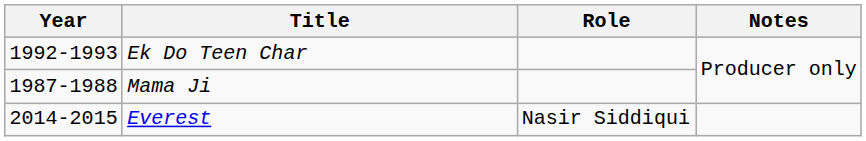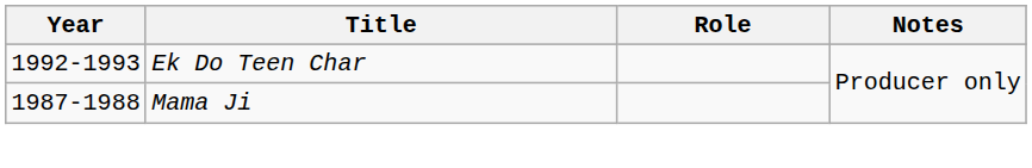 <table class="wikitable sortable">
 <tr>
 <th>Year</th>
 <th width=250>Title</th>
 <th width=110>Role</th>
 <th class="unsortable">Notes</th>
 </tr>
 <tr>
 <td style="text-align:center;">1992-1993</td>
 <td><em>Ek Do Teen Char</em></td>
 <td></td>
 <td rowspan=2>Producer only</td>
 </tr>
 <tr>
 <td style="text-align:center;">1987-1988</td>
 <td><em>Mama Ji</em></td>
 <td></td>
 </tr>
-<tr>
-<td style="text-align:center;">2014-2015</td>
-<td><em><a href='#'>Everest</a></em></td>
-<td>Nasir Siddiqui</td>
-<td></td>
-</tr>
 </table>
